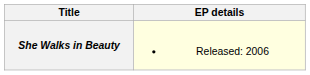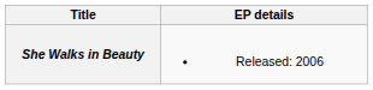 <table class="wikitable plainrowheaders" style="text-align:center;" border="1">
 <tr>
 <th scope="col" style="width:12em;">Title</th>
 <th scope="col" style="width:16em;">EP details</th>
 </tr>
 <tr>
 <th scope="row"><em>She Walks in Beauty</em></th>
-<td style="background: lightyellow;"><br><ul><li>Released: 2006</li></ul></td>
+<td><br><ul><li>Released: 2006</li></ul></td>
 </tr>
 </table>
